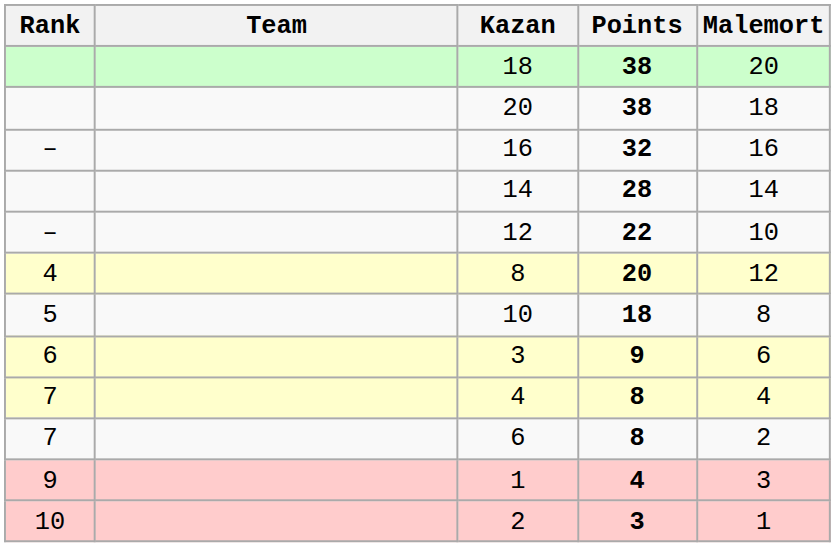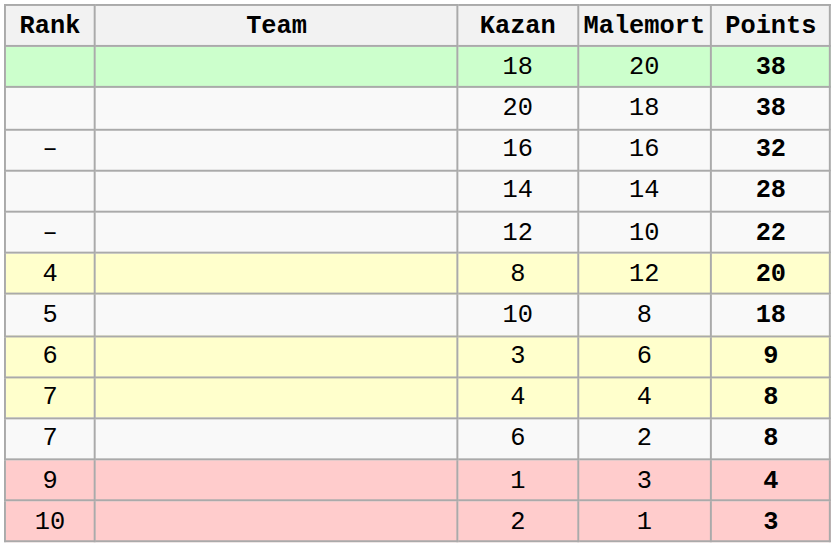 <table class="wikitable" style="text-align: center;">
 <tr>
 <th width=40>Rank</th>
 <th width=180>Team</th>
 <th width=55>Kazan</th>
+<th width=55>Malemort</th>
 <th width=55>Points</th>
-<th width=55>Malemort</th>
 </tr>
 <tr bgcolor=ccffcc>
 <td></td>
 <td align=left></td>
 <td>18</td>
+<td>20</td>
 <td><strong>38</strong></td>
-<td>20</td>
 </tr>
 <tr>
 <td></td>
 <td align=left></td>
 <td>20</td>
+<td>18</td>
 <td><strong>38</strong></td>
-<td>18</td>
 </tr>
 <tr>
 <td>–</td>
 <td align=left> <em></em></td>
 <td>16</td>
+<td>16</td>
 <td><strong>32</strong></td>
-<td>16</td>
 </tr>
 <tr>
 <td></td>
 <td align=left></td>
 <td>14</td>
+<td>14</td>
 <td><strong>28</strong></td>
-<td>14</td>
 </tr>
 <tr>
 <td>–</td>
 <td align=left> <em></em></td>
 <td>12</td>
+<td>10</td>
 <td><strong>22</strong></td>
-<td>10</td>
 </tr>
 <tr bgcolor=ffffcc>
 <td>4</td>
 <td align=left></td>
 <td>8</td>
+<td>12</td>
 <td><strong>20</strong></td>
-<td>12</td>
 </tr>
 <tr>
 <td>5</td>
 <td align=left></td>
 <td>10</td>
+<td>8</td>
 <td><strong>18</strong></td>
-<td>8</td>
 </tr>
 <tr bgcolor=ffffcc>
 <td>6</td>
 <td align=left></td>
 <td>3</td>
+<td>6</td>
 <td><strong>9</strong></td>
-<td>6</td>
 </tr>
 <tr bgcolor=ffffcc>
 <td>7</td>
 <td align=left></td>
 <td>4</td>
+<td>4</td>
 <td><strong>8</strong></td>
-<td>4</td>
 </tr>
 <tr>
 <td>7</td>
 <td align=left></td>
 <td>6</td>
+<td>2</td>
 <td><strong>8</strong></td>
-<td>2</td>
 </tr>
 <tr bgcolor=ffcccc>
 <td>9</td>
 <td align=left></td>
 <td>1</td>
+<td>3</td>
 <td><strong>4</strong></td>
-<td>3</td>
 </tr>
 <tr bgcolor=ffcccc>
 <td>10</td>
 <td align=left></td>
 <td>2</td>
+<td>1</td>
 <td><strong>3</strong></td>
-<td>1</td>
 </tr>
 </table>
